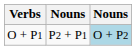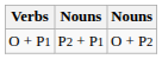 <table class="wikitable">
 <tr>
 <th colspan=1>Verbs</th>
 <th colspan=1>Nouns</th>
 <th colspan=1>Nouns</th>
 </tr>
 <tr align=center>
 <td>O + P<small>1</small></td>
 <td>P<small>2</small> + P<small>1</small></td>
-<td style="background: lightblue;">O + P<small>2</small></td>
+<td>O + P<small>2</small></td>
 </tr>
 </table>
